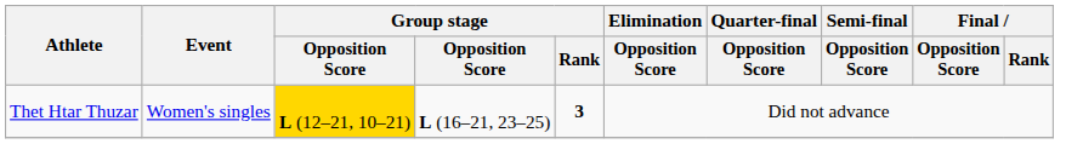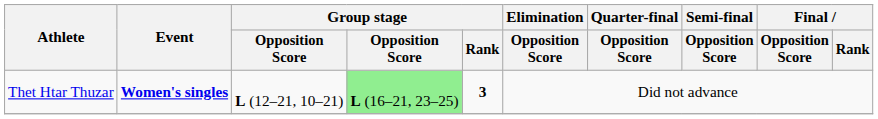 <table class="wikitable" style="font-size:90%">
 <tr>
 <th rowspan="2">Athlete</th>
 <th rowspan="2">Event</th>
 <th colspan="3">Group stage</th>
 <th>Elimination</th>
 <th>Quarter-final</th>
 <th>Semi-final</th>
 <th colspan="2">Final / </th>
 </tr>
 <tr style="font-size:95%">
 <th>Opposition<br>Score</th>
 <th>Opposition<br>Score</th>
 <th>Rank</th>
 <th>Opposition<br>Score</th>
 <th>Opposition<br>Score</th>
 <th>Opposition<br>Score</th>
 <th>Opposition<br>Score</th>
 <th>Rank</th>
 </tr>
 <tr align="center">
 <td align="left"><a href='#'>Thet Htar Thuzar</a></td>
-<td align="left"><a href='#'>Women's singles</a></td>
-<td style="background: gold;"><br><strong>L</strong> (12–21, 10–21)</td>
-<td><br><strong>L</strong> (16–21, 23–25)</td>
+<td align="left"><strong><a href='#'>Women's singles</a></strong></td>
+<td><br><strong>L</strong> (12–21, 10–21)</td>
+<td style="background: lightgreen;"><br><strong>L</strong> (16–21, 23–25)</td>
 <td><strong>3</strong></td>
 <td colspan=5>Did not advance</td>
 </tr>
 <tr>
 </tr>
 </table>
